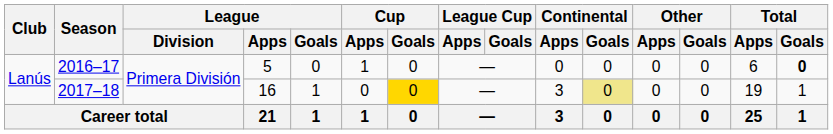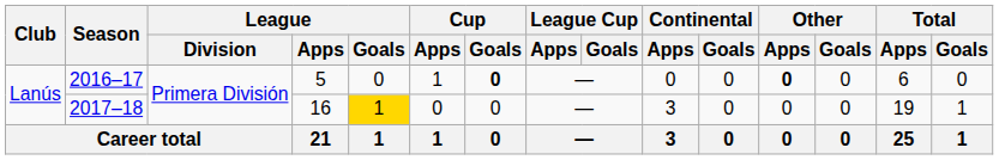 <table class="wikitable" style="text-align:center">
 <tr>
 <th rowspan="2">Club</th>
 <th rowspan="2">Season</th>
 <th colspan="3">League</th>
 <th colspan="2">Cup</th>
 <th colspan="2">League Cup</th>
 <th colspan="2">Continental</th>
 <th colspan="2">Other</th>
 <th colspan="2">Total</th>
 </tr>
 <tr>
 <th>Division</th>
 <th>Apps</th>
 <th>Goals</th>
 <th>Apps</th>
 <th>Goals</th>
 <th>Apps</th>
 <th>Goals</th>
 <th>Apps</th>
 <th>Goals</th>
 <th>Apps</th>
 <th>Goals</th>
 <th>Apps</th>
 <th>Goals</th>
 </tr>
 <tr>
 <td rowspan="2"><a href='#'>Lanús</a></td>
 <td><a href='#'>2016–17</a></td>
 <td rowspan="2"><a href='#'>Primera División</a></td>
 <td>5</td>
 <td>0</td>
 <td>1</td>
-<td>0</td>
+<td><strong>0</strong></td>
 <td colspan="2">—</td>
 <td>0</td>
 <td>0</td>
-<td>0</td>
+<td><strong>0</strong></td>
 <td>0</td>
 <td>6</td>
-<td><strong>0</strong></td>
+<td>0</td>
 </tr>
 <tr>
 <td><a href='#'>2017–18</a></td>
 <td>16</td>
-<td>1</td>
+<td style="background: gold;">1</td>
 <td>0</td>
-<td style="background: gold;">0</td>
+<td>0</td>
 <td colspan="2">—</td>
 <td>3</td>
-<td style="background: khaki;">0</td>
+<td>0</td>
 <td>0</td>
 <td>0</td>
 <td>19</td>
 <td>1</td>
 </tr>
 <tr>
 <th colspan="3">Career total</th>
 <th>21</th>
 <th>1</th>
 <th>1</th>
 <th>0</th>
 <th colspan="2">—</th>
 <th>3</th>
 <th>0</th>
 <th>0</th>
 <th>0</th>
 <th>25</th>
 <th>1</th>
 </tr>
 </table>
